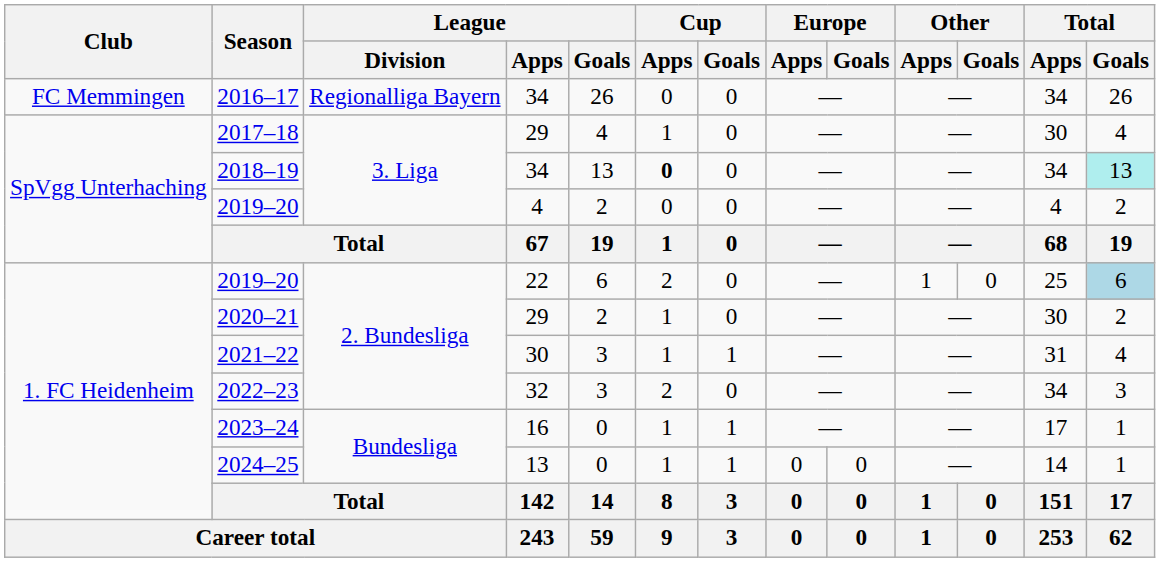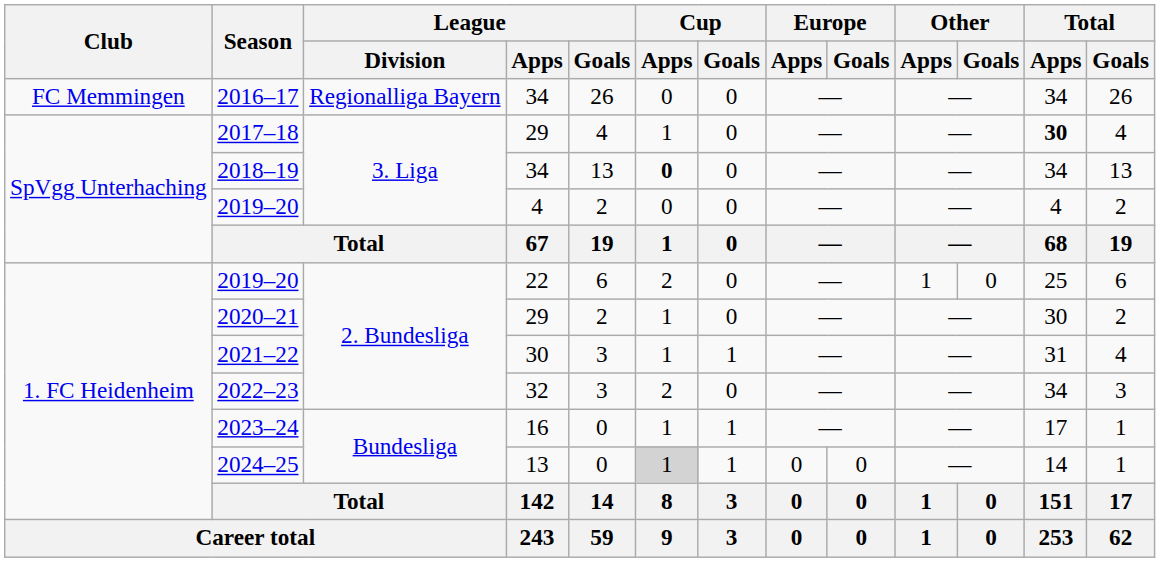 <table class="wikitable" style="text-align:center">
 <tr>
 <th rowspan="2">Club</th>
 <th rowspan="2">Season</th>
 <th colspan="3">League</th>
 <th colspan="2">Cup</th>
 <th colspan="2">Europe</th>
 <th colspan="2">Other</th>
 <th colspan="2">Total</th>
 </tr>
 <tr>
 <th>Division</th>
 <th>Apps</th>
 <th>Goals</th>
 <th>Apps</th>
 <th>Goals</th>
 <th>Apps</th>
 <th>Goals</th>
 <th>Apps</th>
 <th>Goals</th>
 <th>Apps</th>
 <th>Goals</th>
 </tr>
 <tr>
 <td><a href='#'>FC Memmingen</a></td>
 <td><a href='#'>2016–17</a></td>
 <td><a href='#'>Regionalliga Bayern</a></td>
 <td>34</td>
 <td>26</td>
 <td>0</td>
 <td>0</td>
 <td colspan="2">—</td>
 <td colspan="2">—</td>
 <td>34</td>
 <td>26</td>
 </tr>
 <tr>
 <td rowspan="4"><a href='#'>SpVgg Unterhaching</a></td>
 <td><a href='#'>2017–18</a></td>
 <td rowspan="3"><a href='#'>3. Liga</a></td>
 <td>29</td>
 <td>4</td>
 <td>1</td>
 <td>0</td>
 <td colspan="2">—</td>
 <td colspan="2">—</td>
-<td>30</td>
+<td><strong>30</strong></td>
 <td>4</td>
 </tr>
 <tr>
 <td><a href='#'>2018–19</a></td>
 <td>34</td>
 <td>13</td>
 <td><strong>0</strong></td>
 <td>0</td>
 <td colspan="2">—</td>
 <td colspan="2">—</td>
 <td>34</td>
-<td style="background: paleturquoise;">13</td>
+<td>13</td>
 </tr>
 <tr>
 <td><a href='#'>2019–20</a></td>
 <td>4</td>
 <td>2</td>
 <td>0</td>
 <td>0</td>
 <td colspan="2">—</td>
 <td colspan="2">—</td>
 <td>4</td>
 <td>2</td>
 </tr>
 <tr>
 <th colspan="2">Total</th>
 <th>67</th>
 <th>19</th>
 <th>1</th>
 <th>0</th>
 <th colspan="2">—</th>
 <th colspan="2">—</th>
 <th>68</th>
 <th>19</th>
 </tr>
 <tr>
 <td rowspan="7"><a href='#'>1. FC Heidenheim</a></td>
 <td><a href='#'>2019–20</a></td>
 <td rowspan="4"><a href='#'>2. Bundesliga</a></td>
 <td>22</td>
 <td>6</td>
 <td>2</td>
 <td>0</td>
 <td colspan="2">—</td>
 <td>1</td>
 <td>0</td>
 <td>25</td>
-<td style="background: lightblue;">6</td>
+<td>6</td>
 </tr>
 <tr>
 <td><a href='#'>2020–21</a></td>
 <td>29</td>
 <td>2</td>
 <td>1</td>
 <td>0</td>
 <td colspan="2">—</td>
 <td colspan="2">—</td>
 <td>30</td>
 <td>2</td>
 </tr>
 <tr>
 <td><a href='#'>2021–22</a></td>
 <td>30</td>
 <td>3</td>
 <td>1</td>
 <td>1</td>
 <td colspan="2">—</td>
 <td colspan="2">—</td>
 <td>31</td>
 <td>4</td>
 </tr>
 <tr>
 <td><a href='#'>2022–23</a></td>
 <td>32</td>
 <td>3</td>
 <td>2</td>
 <td>0</td>
 <td colspan="2">—</td>
 <td colspan="2">—</td>
 <td>34</td>
 <td>3</td>
 </tr>
 <tr>
 <td><a href='#'>2023–24</a></td>
 <td rowspan="2"><a href='#'>Bundesliga</a></td>
 <td>16</td>
 <td>0</td>
 <td>1</td>
 <td>1</td>
 <td colspan="2">—</td>
 <td colspan="2">—</td>
 <td>17</td>
 <td>1</td>
 </tr>
 <tr>
 <td><a href='#'>2024–25</a></td>
 <td>13</td>
 <td>0</td>
-<td>1</td>
+<td style="background: lightgrey;">1</td>
 <td>1</td>
 <td>0</td>
 <td>0</td>
 <td colspan="2">—</td>
 <td>14</td>
 <td>1</td>
 </tr>
 <tr>
 <th colspan="2">Total</th>
 <th>142</th>
 <th>14</th>
 <th>8</th>
 <th>3</th>
 <th>0</th>
 <th>0</th>
 <th>1</th>
 <th>0</th>
 <th>151</th>
 <th>17</th>
 </tr>
 <tr>
 <th colspan="3">Career total</th>
 <th>243</th>
 <th>59</th>
 <th>9</th>
 <th>3</th>
 <th>0</th>
 <th>0</th>
 <th>1</th>
 <th>0</th>
 <th>253</th>
 <th>62</th>
 </tr>
 </table>
